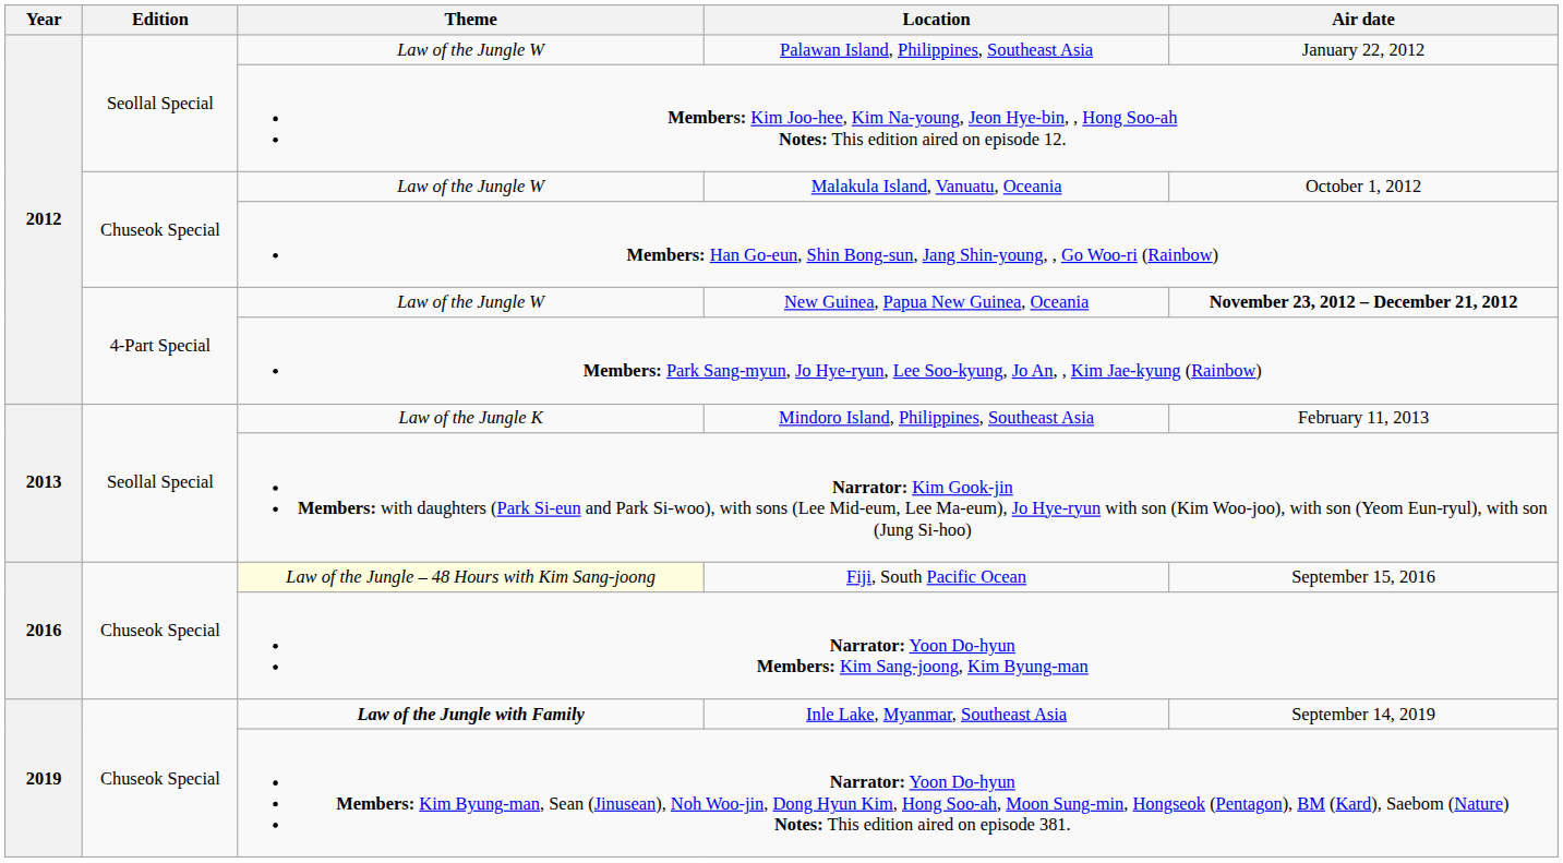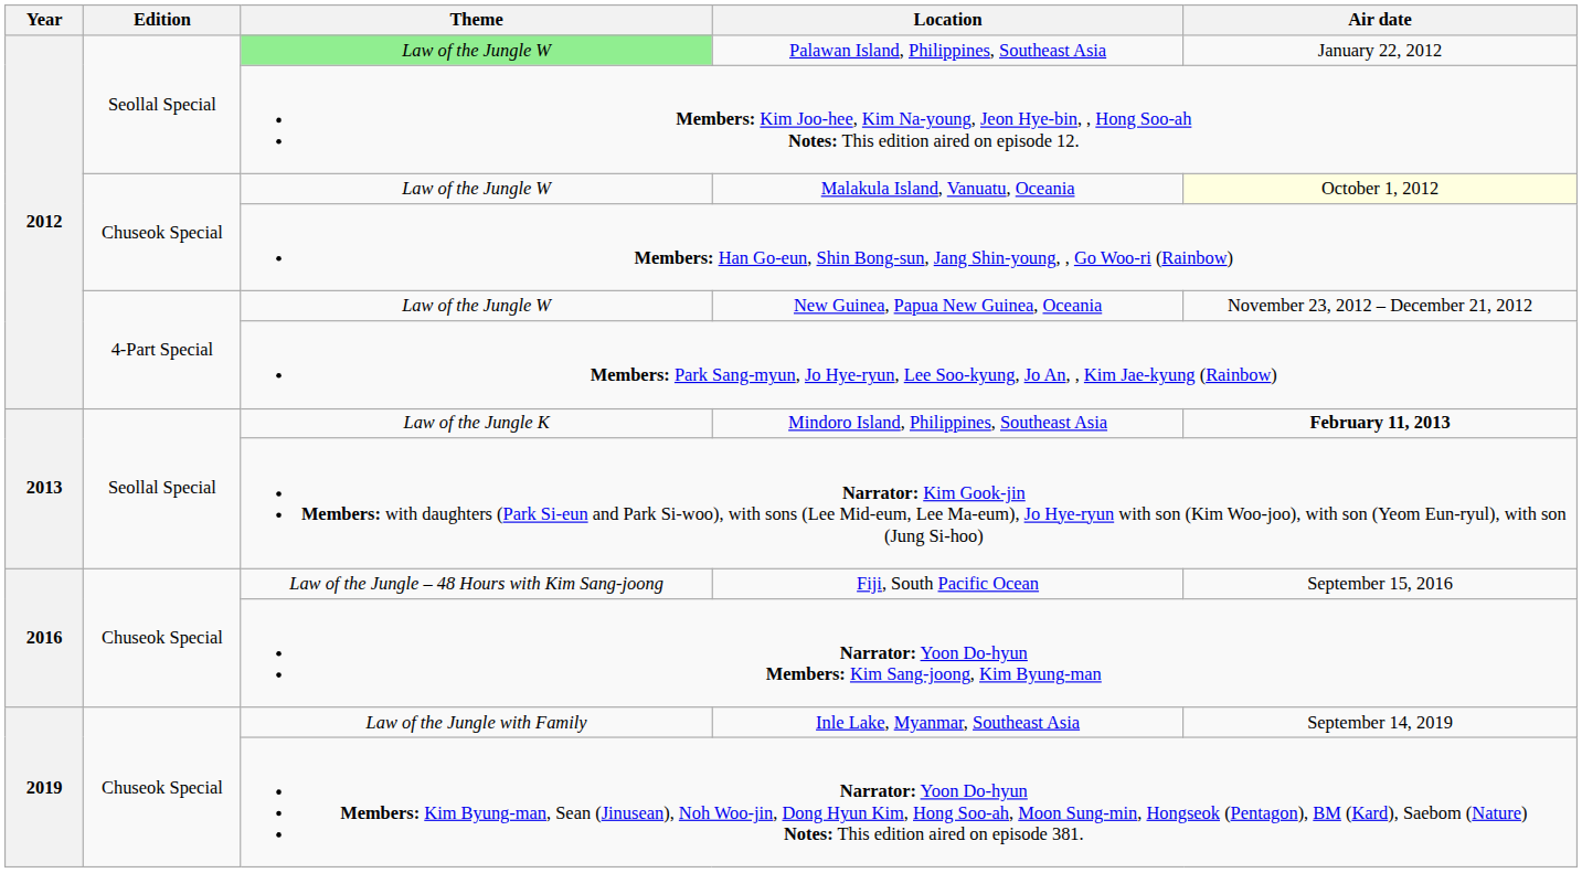 <table class="wikitable" style="text-align:center; font-size:90%;">
 <tr>
 <th width="5%">Year</th>
 <th width="10%">Edition</th>
 <th width="30%">Theme</th>
 <th width="30%">Location</th>
 <th width="25%">Air date</th>
 </tr>
 <tr>
 <th rowspan=6>2012</th>
 <td rowspan=2>Seollal Special</td>
-<td><em>Law of the Jungle W</em></td>
+<td style="background: lightgreen;"><em>Law of the Jungle W</em></td>
 <td><a href='#'>Palawan Island</a>, <a href='#'>Philippines</a>, <a href='#'>Southeast Asia</a></td>
 <td>January 22, 2012</td>
 </tr>
 <tr>
 <td colspan="4"><br><ul><li><strong>Members:</strong> <a href='#'>Kim Joo-hee</a>, <a href='#'>Kim Na-young</a>, <a href='#'>Jeon Hye-bin</a>, , <a href='#'>Hong Soo-ah</a></li><li><strong>Notes:</strong> This edition aired on episode 12.</li></ul></td>
 </tr>
 <tr>
 <td rowspan=2>Chuseok Special</td>
 <td><em>Law of the Jungle W</em></td>
 <td><a href='#'>Malakula Island</a>, <a href='#'>Vanuatu</a>, <a href='#'>Oceania</a></td>
-<td>October 1, 2012</td>
+<td style="background: lightyellow;">October 1, 2012</td>
 </tr>
 <tr>
 <td colspan="3"><br><ul><li><strong>Members:</strong> <a href='#'>Han Go-eun</a>, <a href='#'>Shin Bong-sun</a>, <a href='#'>Jang Shin-young</a>, , <a href='#'>Go Woo-ri</a> (<a href='#'>Rainbow</a>)</li></ul></td>
 </tr>
 <tr>
 <td rowspan=2>4-Part Special</td>
 <td><em>Law of the Jungle W</em></td>
 <td><a href='#'>New Guinea</a>, <a href='#'>Papua New Guinea</a>, <a href='#'>Oceania</a></td>
-<td><strong>November 23, 2012 – December 21, 2012</strong></td>
+<td>November 23, 2012 – December 21, 2012</td>
 </tr>
 <tr>
 <td colspan="3"><br><ul><li><strong>Members:</strong> <a href='#'>Park Sang-myun</a>, <a href='#'>Jo Hye-ryun</a>, <a href='#'>Lee Soo-kyung</a>, <a href='#'>Jo An</a>, , <a href='#'>Kim Jae-kyung</a> (<a href='#'>Rainbow</a>)</li></ul></td>
 </tr>
 <tr>
 <th rowspan=2>2013</th>
 <td rowspan=2>Seollal Special</td>
 <td><em>Law of the Jungle K</em></td>
 <td><a href='#'>Mindoro Island</a>, <a href='#'>Philippines</a>, <a href='#'>Southeast Asia</a></td>
-<td>February 11, 2013</td>
+<td><strong>February 11, 2013</strong></td>
 </tr>
 <tr>
 <td colspan="3"><br><ul><li><strong>Narrator:</strong> <a href='#'>Kim Gook-jin</a></li><li><strong>Members:</strong>  with daughters (<a href='#'>Park Si-eun</a> and Park Si-woo),  with sons (Lee Mid-eum, Lee Ma-eum), <a href='#'>Jo Hye-ryun</a> with son (Kim Woo-joo),  with son (Yeom Eun-ryul),  with son (Jung Si-hoo)</li></ul></td>
 </tr>
 <tr>
 <th rowspan=2>2016</th>
 <td rowspan=2>Chuseok Special</td>
-<td style="background: lightyellow;"><em>Law of the Jungle – 48 Hours with Kim Sang-joong</em></td>
+<td><em>Law of the Jungle – 48 Hours with Kim Sang-joong</em></td>
 <td><a href='#'>Fiji</a>, South <a href='#'>Pacific Ocean</a></td>
 <td>September 15, 2016</td>
 </tr>
 <tr>
 <td colspan="3"><br><ul><li><strong>Narrator:</strong> <a href='#'>Yoon Do-hyun</a></li><li><strong>Members:</strong> <a href='#'>Kim Sang-joong</a>, <a href='#'>Kim Byung-man</a></li></ul></td>
 </tr>
 <tr>
 <th rowspan=2>2019</th>
 <td rowspan=2>Chuseok Special</td>
-<td><strong><em>Law of the Jungle with Family</em></strong></td>
+<td><em>Law of the Jungle with Family</em></td>
 <td><a href='#'>Inle Lake</a>, <a href='#'>Myanmar</a>, <a href='#'>Southeast Asia</a></td>
 <td>September 14, 2019</td>
 </tr>
 <tr>
 <td colspan="3"><br><ul><li><strong>Narrator:</strong> <a href='#'>Yoon Do-hyun</a></li><li><strong>Members:</strong> <a href='#'>Kim Byung-man</a>, Sean (<a href='#'>Jinusean</a>), <a href='#'>Noh Woo-jin</a>, <a href='#'>Dong Hyun Kim</a>, <a href='#'>Hong Soo-ah</a>, <a href='#'>Moon Sung-min</a>, <a href='#'>Hongseok</a> (<a href='#'>Pentagon</a>), <a href='#'>BM</a> (<a href='#'>Kard</a>), Saebom (<a href='#'>Nature</a>)</li><li><strong>Notes:</strong> This edition aired on episode 381.</li></ul></td>
 </tr>
 </table>
